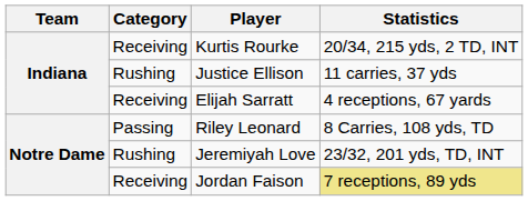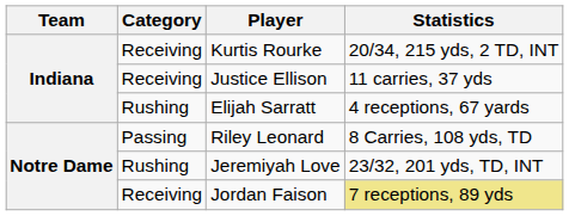 <table class="wikitable" style="float:right">
 <tr>
 <th>Team</th>
 <th>Category</th>
 <th>Player</th>
 <th>Statistics</th>
 </tr>
 <tr>
 <th rowspan=3>Indiana</th>
 <td>Receiving</td>
 <td>Kurtis Rourke</td>
 <td>20/34, 215 yds, 2 TD, INT</td>
 </tr>
 <tr>
-<td>Rushing</td>
+<td>Receiving</td>
 <td>Justice Ellison</td>
 <td>11 carries, 37 yds</td>
 </tr>
 <tr>
-<td>Receiving</td>
+<td>Rushing</td>
 <td>Elijah Sarratt</td>
 <td>4 receptions, 67 yards</td>
 </tr>
 <tr>
 <th rowspan=3>Notre Dame</th>
 <td>Passing</td>
 <td>Riley Leonard</td>
 <td>8 Carries, 108 yds, TD</td>
 </tr>
 <tr>
 <td>Rushing</td>
 <td>Jeremiyah Love</td>
 <td>23/32, 201 yds, TD, INT</td>
 </tr>
 <tr>
 <td>Receiving</td>
 <td>Jordan Faison</td>
 <td style="background: khaki;">7 receptions, 89 yds</td>
 </tr>
 </table>
